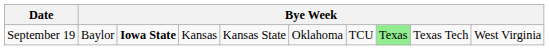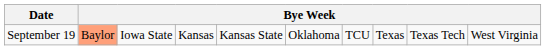 <table class="wikitable" style="font-size:95%">
 <tr>
 <th>Date</th>
 <th colspan="11">Bye Week</th>
 </tr>
 <tr>
 <td>September 19</td>
-<td>Baylor</td>
-<td><strong>Iowa State</strong></td>
+<td style="background: lightsalmon;">Baylor</td>
+<td>Iowa State</td>
 <td>Kansas</td>
 <td>Kansas State</td>
 <td>Oklahoma</td>
 <td>TCU</td>
-<td style="background: lightgreen;">Texas</td>
+<td>Texas</td>
 <td>Texas Tech</td>
 <td>West Virginia</td>
 </tr>
 </table>
